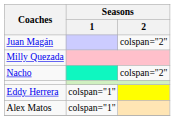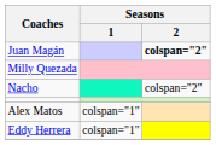 <table class="wikitable">
 <tr>
 <th rowspan="2">Coaches</th>
 <th colspan="2">Seasons</th>
 </tr>
 <tr>
 <th width="65">1</th>
 <th width="65">2</th>
 </tr>
 <tr>
 <td><a href='#'>Juan Magán</a></td>
 <td colspan="1" bgcolor="#ccf"></td>
-<td>colspan="2" </td>
+<td><strong>colspan="2" </strong></td>
 </tr>
 <tr>
 <td><a href='#'>Milly Quezada</a></td>
 <td colspan="2" bgcolor="pink"></td>
 </tr>
 <tr>
 <td><a href='#'>Nacho</a></td>
 <td colspan="1" bgcolor="#0ff7c0"></td>
 <td>colspan="2" </td>
 </tr>
 <tr>
 <td></td>
 <td colspan="2" bgcolor="#d0f0c0"></td>
 </tr>
 <tr>
+<td>Alex Matos</td>
+<td>colspan="1" </td>
+<td colspan="1" bgcolor="#ffe5b4"></td>
+</tr>
+<tr>
 <td><a href='#'>Eddy Herrera</a></td>
 <td>colspan="1" </td>
 <td bgcolor="yellow"></td>
 </tr>
 <tr>
-<td>Alex Matos</td>
-<td>colspan="1" </td>
-<td colspan="1" bgcolor="#ffe5b4"></td>
-</tr>
-<tr>
 </tr>
 </table>
